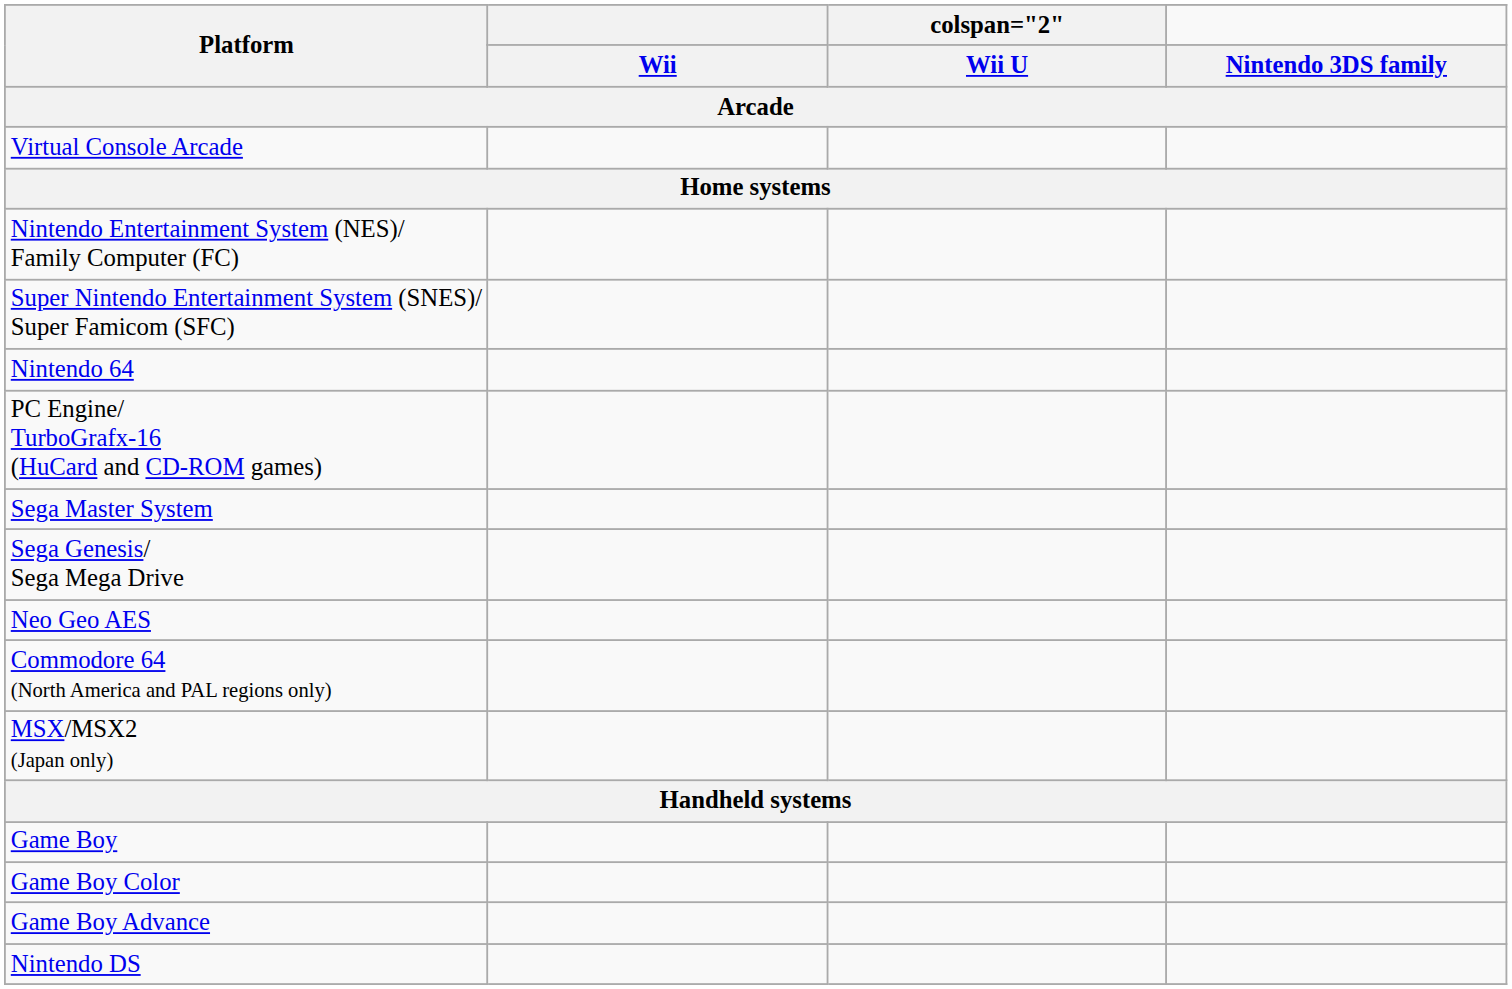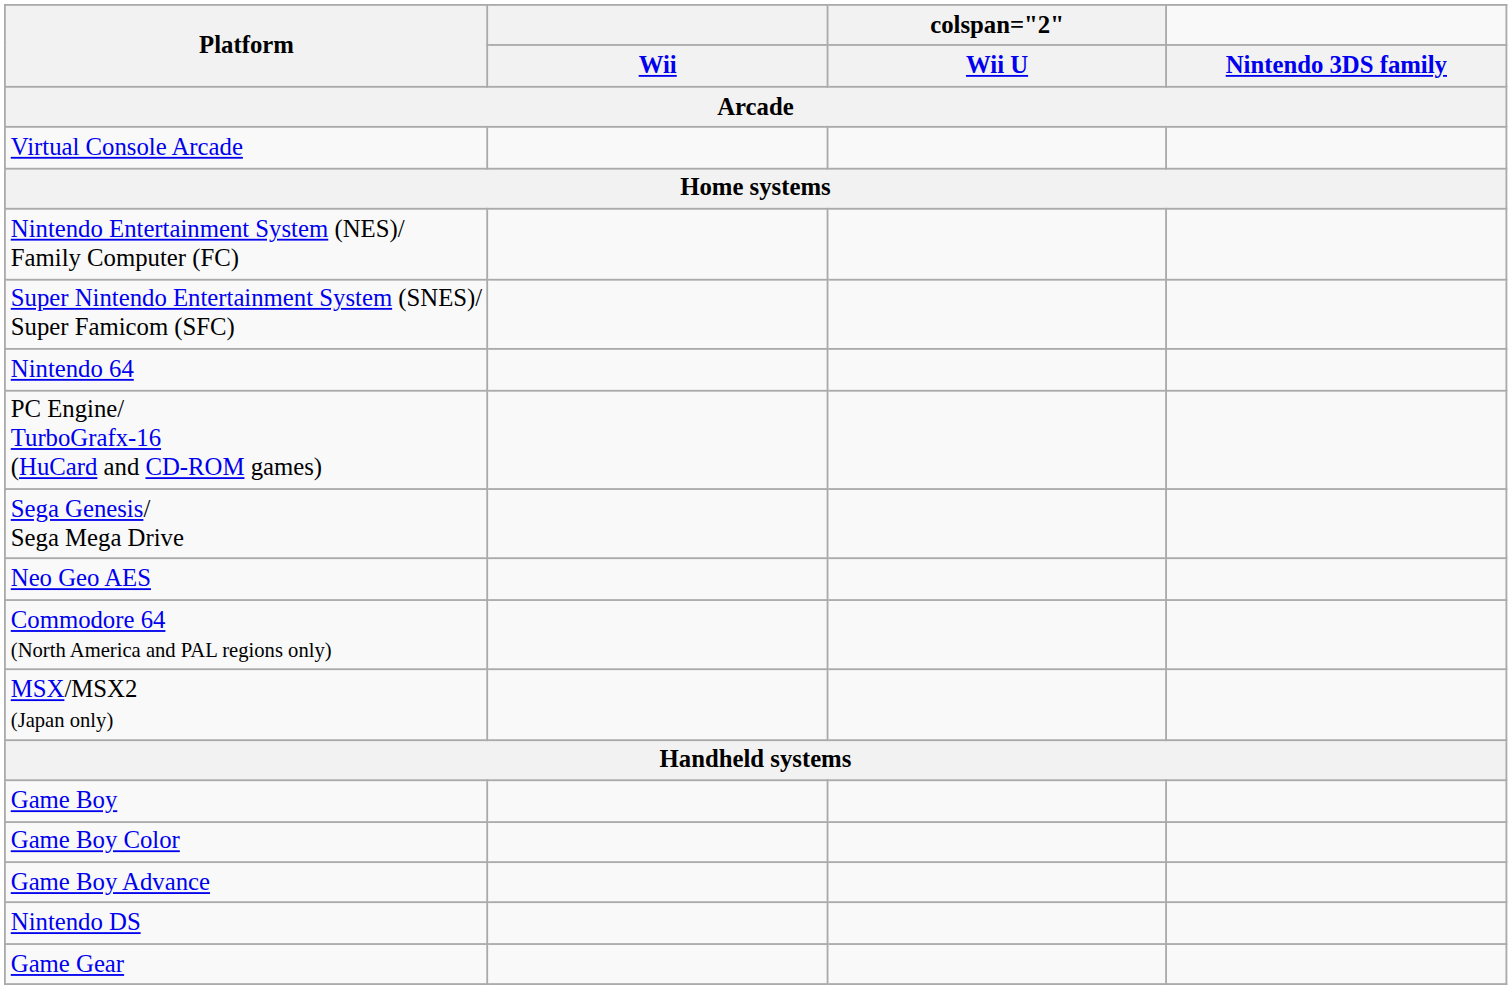 <table class="wikitable sortable" style="font-size: 85%;">
 <tr>
 <th rowspan="2">Platform</th>
 <th></th>
 <th>colspan="2" </th>
 </tr>
 <tr>
 <th style="width:180px"><a href='#'>Wii</a></th>
 <th style="width:180px"><a href='#'>Wii U</a></th>
 <th style="width:180px"><a href='#'>Nintendo 3DS family</a></th>
 </tr>
 <tr>
 <th colspan="4">Arcade</th>
 </tr>
 <tr>
 <td><a href='#'>Virtual Console Arcade</a></td>
 <td></td>
 <td></td>
 <td></td>
 </tr>
 <tr>
 <th colspan="4">Home systems</th>
 </tr>
 <tr>
 <td><a href='#'>Nintendo Entertainment System</a> (NES)/<br>Family Computer (FC)</td>
 <td></td>
 <td></td>
 <td></td>
 </tr>
 <tr>
 <td><a href='#'>Super Nintendo Entertainment System</a> (SNES)/<br>Super Famicom (SFC)</td>
 <td></td>
 <td></td>
 <td></td>
 </tr>
 <tr>
 <td><a href='#'>Nintendo 64</a></td>
 <td></td>
 <td></td>
 <td></td>
 </tr>
 <tr>
 <td>PC Engine/<br><a href='#'>TurboGrafx-16</a><br>(<a href='#'>HuCard</a> and <a href='#'>CD-ROM</a> games)</td>
-<td></td>
-<td></td>
-<td></td>
-</tr>
-<tr>
-<td><a href='#'>Sega Master System</a></td>
 <td></td>
 <td></td>
 <td></td>
 </tr>
 <tr>
 <td><a href='#'>Sega Genesis</a>/<br>Sega Mega Drive</td>
 <td></td>
 <td></td>
 <td></td>
 </tr>
 <tr>
 <td><a href='#'>Neo Geo AES</a></td>
 <td></td>
 <td></td>
 <td></td>
 </tr>
 <tr>
 <td><a href='#'>Commodore 64</a><br><small>(North America and PAL regions only)</small></td>
 <td></td>
 <td></td>
 <td></td>
 </tr>
 <tr>
 <td><a href='#'>MSX</a>/MSX2<br><small>(Japan only)</small></td>
 <td></td>
 <td></td>
 <td></td>
 </tr>
 <tr>
 <th colspan="4">Handheld systems</th>
 </tr>
 <tr>
 <td><a href='#'>Game Boy</a></td>
 <td></td>
 <td></td>
 <td></td>
 </tr>
 <tr>
 <td><a href='#'>Game Boy Color</a></td>
 <td></td>
 <td></td>
 <td></td>
 </tr>
 <tr>
 <td><a href='#'>Game Boy Advance</a></td>
 <td></td>
 <td></td>
 <td></td>
 </tr>
 <tr>
 <td><a href='#'>Nintendo DS</a></td>
 <td></td>
 <td></td>
 <td><br></td>
 </tr>
+<tr>
+<td><a href='#'>Game Gear</a></td>
+<td></td>
+<td></td>
+<td></td>
+</tr>
 </table>
